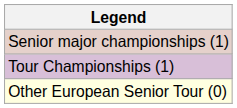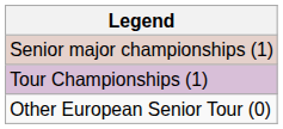 <table class="wikitable" style="font-size:95%;">
 <tr>
 <th>Legend</th>
 </tr>
 <tr style="background:#e5d1cb;">
 <td>Senior major championships (1)</td>
 </tr>
 <tr style="background:thistle;">
 <td>Tour Championships (1)</td>
 </tr>
 <tr>
-<td style="background: lightyellow;">Other European Senior Tour (0)</td>
+<td>Other European Senior Tour (0)</td>
 </tr>
 </table>
